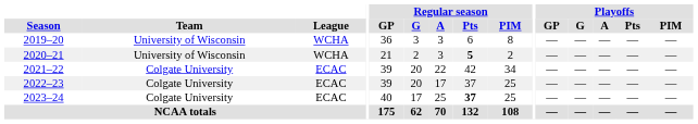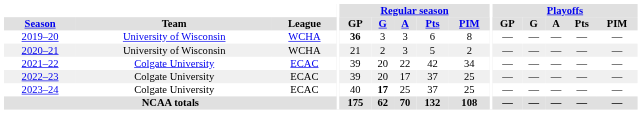 <table border="0" cellpadding="1" cellspacing="0" style="text-align:center; width:60em">
 <tr bgcolor="#e0e0e0">
 <th colspan="3" bgcolor="#ffffff"></th>
 <th rowspan="97" bgcolor="#ffffff"></th>
 <th colspan="5"><a href='#'>Regular season</a></th>
 <th rowspan="97" bgcolor="#ffffff"></th>
 <th colspan="5"><a href='#'>Playoffs</a></th>
 </tr>
 <tr bgcolor="#e0e0e0">
 <th><a href='#'>Season</a></th>
 <th>Team</th>
 <th>League</th>
 <th>GP</th>
 <th><a href='#'>G</a></th>
 <th><a href='#'>A</a></th>
 <th><a href='#'>Pts</a></th>
 <th><a href='#'>PIM</a></th>
 <th>GP</th>
 <th>G</th>
 <th>A</th>
 <th>Pts</th>
 <th>PIM</th>
 </tr>
 <tr>
 <td><a href='#'>2019–20</a></td>
 <td><a href='#'>University of Wisconsin</a></td>
 <td><a href='#'>WCHA</a></td>
-<td>36</td>
+<td><strong>36</strong></td>
 <td>3</td>
 <td>3</td>
 <td>6</td>
 <td>8</td>
 <td>—</td>
 <td>—</td>
 <td>—</td>
 <td>—</td>
 <td>—</td>
 </tr>
 <tr bgcolor="#f0f0f0">
 <td><a href='#'>2020–21</a></td>
 <td>University of Wisconsin</td>
 <td>WCHA</td>
 <td>21</td>
 <td>2</td>
 <td>3</td>
-<td><strong>5</strong></td>
+<td>5</td>
 <td>2</td>
 <td>—</td>
 <td>—</td>
 <td>—</td>
 <td>—</td>
 <td>—</td>
 </tr>
 <tr>
 <td><a href='#'>2021–22</a></td>
 <td><a href='#'>Colgate University</a></td>
 <td><a href='#'>ECAC</a></td>
 <td>39</td>
 <td>20</td>
 <td>22</td>
 <td>42</td>
 <td>34</td>
 <td>—</td>
 <td>—</td>
 <td>—</td>
 <td>—</td>
 <td>—</td>
 </tr>
 <tr bgcolor="#f0f0f0">
 <td><a href='#'>2022–23</a></td>
 <td>Colgate University</td>
 <td>ECAC</td>
 <td>39</td>
 <td>20</td>
 <td>17</td>
 <td>37</td>
 <td>25</td>
 <td>—</td>
 <td>—</td>
 <td>—</td>
 <td>—</td>
 <td>—</td>
 </tr>
 <tr>
 <td><a href='#'>2023–24</a></td>
 <td>Colgate University</td>
 <td>ECAC</td>
 <td>40</td>
-<td>17</td>
+<td><strong>17</strong></td>
 <td>25</td>
-<td><strong>37</strong></td>
+<td>37</td>
 <td>25</td>
 <td>—</td>
 <td>—</td>
 <td>—</td>
 <td>—</td>
 <td>—</td>
 </tr>
 <tr bgcolor="#e0e0e0">
 <th colspan="3">NCAA totals</th>
 <th>175</th>
 <th>62</th>
 <th>70</th>
 <th>132</th>
 <th>108</th>
 <th>—</th>
 <th>—</th>
 <th>—</th>
 <th>—</th>
 <th>—</th>
 </tr>
 </table>
